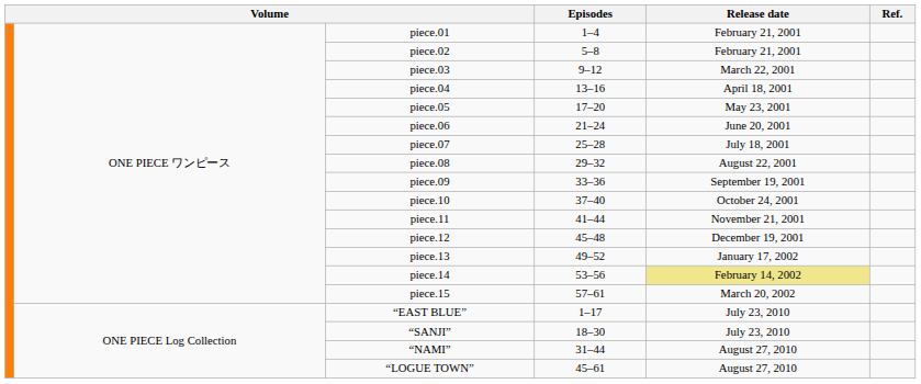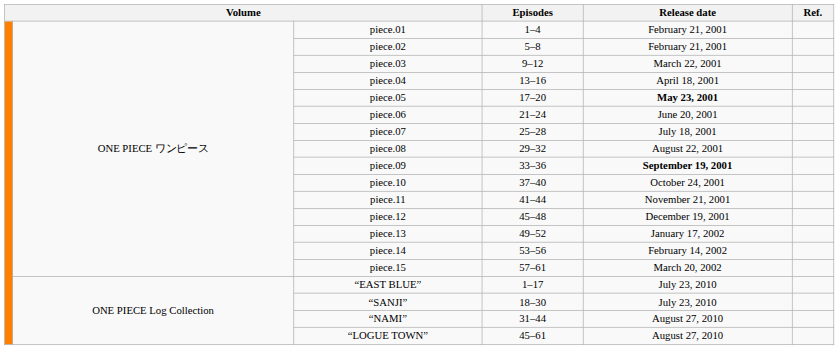 <table class="wikitable" style="text-align: center; width: 98%;">
 <tr>
 <th colspan="3">Volume</th>
 <th>Episodes</th>
 <th>Release date</th>
 <th width="5%">Ref.</th>
 </tr>
 <tr>
 <td rowspan="184" width="1%" style="background: #FF8000;"></td>
 <td rowspan="15">ONE PIECE ワンピース</td>
 <td>piece.01</td>
 <td>1–4</td>
 <td>February 21, 2001</td>
 <td></td>
 </tr>
 <tr>
 <td>piece.02</td>
 <td>5–8</td>
 <td>February 21, 2001</td>
 <td></td>
 </tr>
 <tr>
 <td>piece.03</td>
 <td>9–12</td>
 <td>March 22, 2001</td>
 <td></td>
 </tr>
 <tr>
 <td>piece.04</td>
 <td>13–16</td>
 <td>April 18, 2001</td>
 <td></td>
 </tr>
 <tr>
 <td>piece.05</td>
 <td>17–20</td>
-<td>May 23, 2001</td>
+<td><strong>May 23, 2001</strong></td>
 <td></td>
 </tr>
 <tr>
 <td>piece.06</td>
 <td>21–24</td>
 <td>June 20, 2001</td>
 <td></td>
 </tr>
 <tr>
 <td>piece.07</td>
 <td>25–28</td>
 <td>July 18, 2001</td>
 <td></td>
 </tr>
 <tr>
 <td>piece.08</td>
 <td>29–32</td>
 <td>August 22, 2001</td>
 <td></td>
 </tr>
 <tr>
 <td>piece.09</td>
 <td>33–36</td>
-<td>September 19, 2001</td>
+<td><strong>September 19, 2001</strong></td>
 <td></td>
 </tr>
 <tr>
 <td>piece.10</td>
 <td>37–40</td>
 <td>October 24, 2001</td>
 <td></td>
 </tr>
 <tr>
 <td>piece.11</td>
 <td>41–44</td>
 <td>November 21, 2001</td>
 <td></td>
 </tr>
 <tr>
 <td>piece.12</td>
 <td>45–48</td>
 <td>December 19, 2001</td>
 <td></td>
 </tr>
 <tr>
 <td>piece.13</td>
 <td>49–52</td>
 <td>January 17, 2002</td>
 <td></td>
 </tr>
 <tr>
 <td>piece.14</td>
 <td>53–56</td>
-<td style="background: khaki;">February 14, 2002</td>
+<td>February 14, 2002</td>
 <td></td>
 </tr>
 <tr>
 <td>piece.15</td>
 <td>57–61</td>
 <td>March 20, 2002</td>
 <td></td>
 </tr>
 <tr>
 <td rowspan="4">ONE PIECE Log Collection</td>
 <td>“EAST BLUE”</td>
 <td>1–17</td>
 <td>July 23, 2010</td>
 <td></td>
 </tr>
 <tr>
 <td>“SANJI”</td>
 <td>18–30</td>
 <td>July 23, 2010</td>
 <td></td>
 </tr>
 <tr>
 <td>“NAMI”</td>
 <td>31–44</td>
 <td>August 27, 2010</td>
 <td></td>
 </tr>
 <tr>
 <td>“LOGUE TOWN”</td>
 <td>45–61</td>
 <td>August 27, 2010</td>
 <td></td>
 </tr>
 </table>
